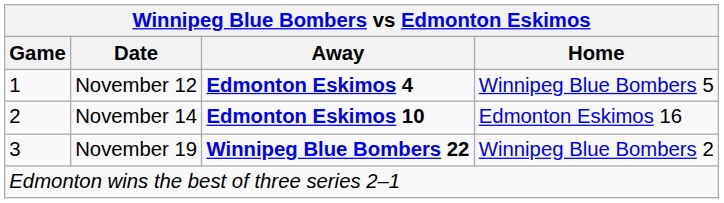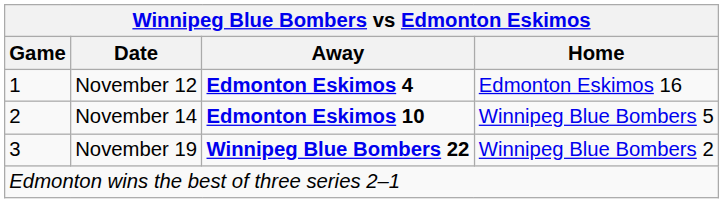 <table class="wikitable">
 <tr>
 <th colspan="4"><a href='#'>Winnipeg Blue Bombers</a> vs <a href='#'>Edmonton Eskimos</a></th>
 </tr>
 <tr>
 <th>Game</th>
 <th>Date</th>
 <th>Away</th>
 <th>Home</th>
 </tr>
 <tr>
 <td>1</td>
 <td>November 12</td>
 <td><strong><a href='#'>Edmonton Eskimos</a> 4</strong></td>
-<td><a href='#'>Winnipeg Blue Bombers</a> 5</td>
+<td><a href='#'>Edmonton Eskimos</a> 16</td>
 </tr>
 <tr>
 <td>2</td>
 <td>November 14</td>
 <td><strong><a href='#'>Edmonton Eskimos</a> 10</strong></td>
-<td><a href='#'>Edmonton Eskimos</a> 16</td>
+<td><a href='#'>Winnipeg Blue Bombers</a> 5</td>
 </tr>
 <tr>
 <td>3</td>
 <td>November 19</td>
 <td><strong><a href='#'>Winnipeg Blue Bombers</a> 22</strong></td>
 <td><a href='#'>Winnipeg Blue Bombers</a> 2</td>
 </tr>
 <tr>
 <td colspan="4"><em>Edmonton wins the best of three series 2–1</em></td>
 </tr>
 </table>
